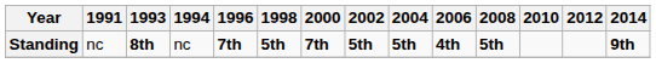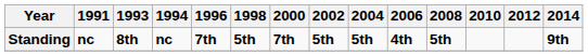 <table class="wikitable">
 <tr>
 <th>Year</th>
 <th>1991</th>
 <th>1993</th>
 <th>1994</th>
 <th>1996</th>
 <th>1998</th>
 <th>2000</th>
 <th>2002</th>
 <th>2004</th>
 <th>2006</th>
 <th>2008</th>
 <th>2010</th>
 <th>2012</th>
 <th>2014</th>
 </tr>
 <tr>
 <th>Standing</th>
-<td>nc</td>
+<td><strong>nc</strong></td>
 <td><strong>8th</strong></td>
-<td>nc</td>
+<td><strong>nc</strong></td>
 <td><strong>7th</strong></td>
 <td><strong>5th</strong></td>
 <td><strong>7th</strong></td>
 <td><strong>5th</strong></td>
 <td><strong>5th</strong></td>
 <td><strong>4th</strong></td>
 <td><strong>5th</strong></td>
 <td></td>
 <td></td>
 <td><strong>9th</strong></td>
 </tr>
 <tr>
 </tr>
 </table>
